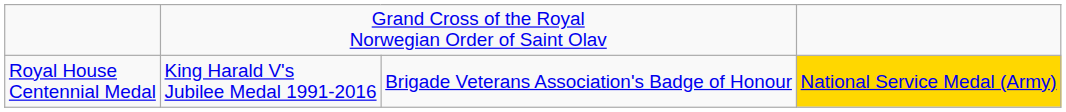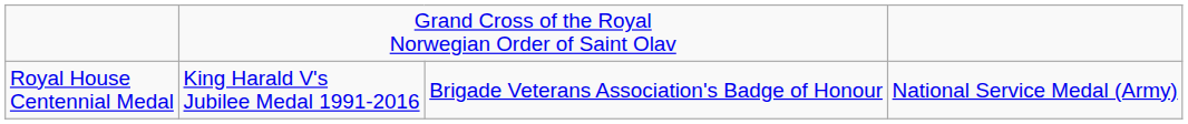 <table class="wikitable" style="margin:auto;">
 <tr>
 <td></td>
 <td colspan="2" style="text-align:center "><a href='#'>Grand Cross of the Royal<br>Norwegian Order of Saint Olav</a></td>
 <td></td>
 </tr>
 <tr>
 <td><a href='#'>Royal House<br>Centennial Medal</a></td>
 <td><a href='#'>King Harald V's<br>Jubilee Medal 1991-2016</a></td>
 <td><a href='#'>Brigade Veterans Association's Badge of Honour</a></td>
-<td style="background: gold;"><a href='#'>National Service Medal (Army)</a></td>
+<td><a href='#'>National Service Medal (Army)</a></td>
 </tr>
 </table>
